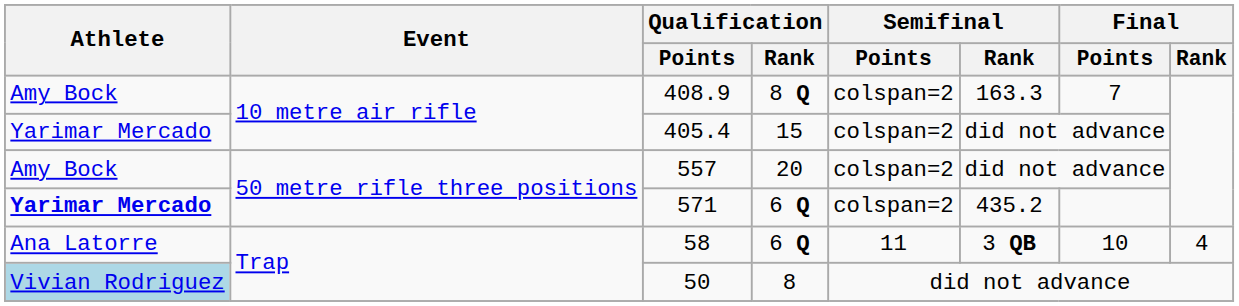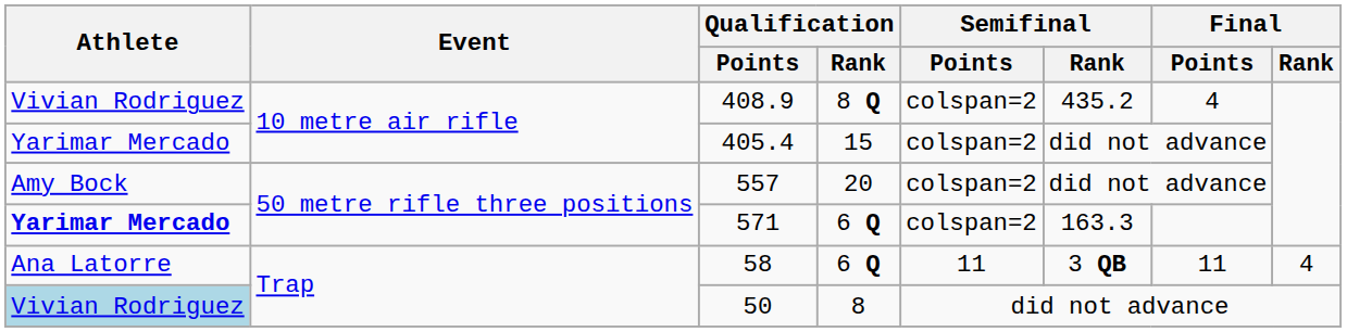 <table class="wikitable" style="font-size:90%">
 <tr>
 <th rowspan=2>Athlete</th>
 <th rowspan=2>Event</th>
 <th colspan=2>Qualification</th>
 <th colspan=2>Semifinal</th>
 <th colspan=2>Final</th>
 </tr>
 <tr style="font-size:95%">
 <th>Points</th>
 <th>Rank</th>
 <th>Points</th>
 <th>Rank</th>
 <th>Points</th>
 <th>Rank</th>
 </tr>
 <tr align=center>
-<td align=left><a href='#'>Amy Bock</a></td>
+<td align=left><a href='#'>Vivian Rodriguez</a></td>
 <td align=left rowspan="2"><a href='#'>10 metre air rifle</a></td>
 <td>408.9</td>
 <td>8 <strong>Q</strong></td>
 <td>colspan=2 </td>
-<td>163.3</td>
-<td>7</td>
+<td>435.2</td>
+<td>4</td>
 </tr>
 <tr align=center>
 <td align=left><a href='#'>Yarimar Mercado</a></td>
 <td>405.4</td>
 <td>15</td>
 <td>colspan=2 </td>
 <td colspan="2">did not advance</td>
 </tr>
 <tr align=center>
 <td align=left><a href='#'>Amy Bock</a></td>
 <td align=left rowspan="2"><a href='#'>50 metre rifle three positions</a></td>
 <td>557</td>
 <td>20</td>
 <td>colspan=2 </td>
 <td colspan="2">did not advance</td>
 </tr>
 <tr align=center>
 <td align=left><strong><a href='#'>Yarimar Mercado</a></strong></td>
 <td>571</td>
 <td>6 <strong>Q</strong></td>
 <td>colspan=2 </td>
-<td>435.2</td>
+<td>163.3</td>
 <td></td>
 </tr>
 <tr align=center>
 <td align=left><a href='#'>Ana Latorre</a></td>
 <td align=left rowspan=2><a href='#'>Trap</a></td>
 <td>58</td>
 <td>6 <strong>Q</strong></td>
 <td>11</td>
 <td>3 <strong>QB</strong></td>
-<td>10</td>
+<td>11</td>
 <td>4</td>
 </tr>
 <tr align=center>
 <td align=left style="background: lightblue;"><a href='#'>Vivian Rodriguez</a></td>
 <td>50</td>
 <td>8</td>
 <td colspan="4">did not advance</td>
 </tr>
 </table>
